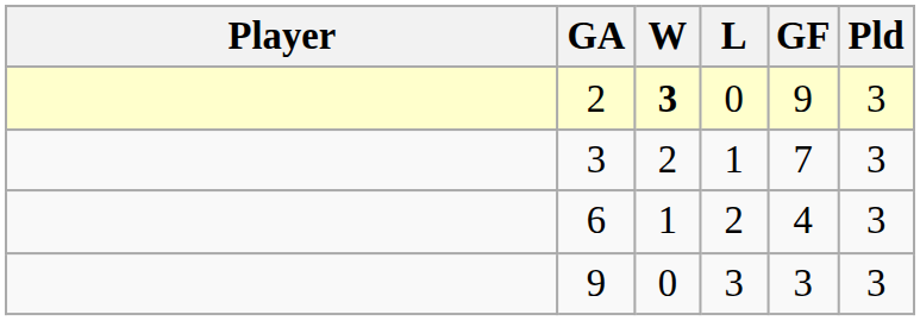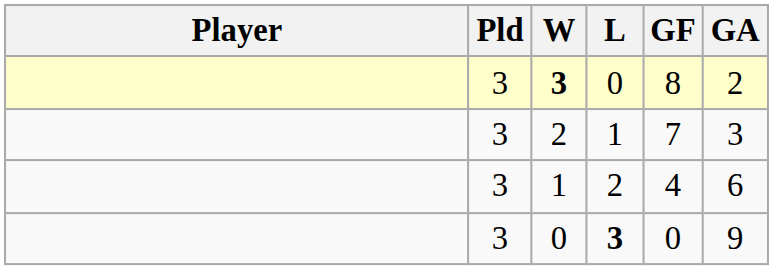 <table class=wikitable style="text-align:center">
 <tr>
 <th width=220>Player</th>
-<th width=20>GA</th>
+<th width=20>Pld</th>
 <th width=20>W</th>
 <th width=20>L</th>
 <th width=20>GF</th>
-<th width=20>Pld</th>
+<th width=20>GA</th>
 </tr>
 <tr bgcolor=#ffffcc>
 <td align=left></td>
-<td>2</td>
+<td>3</td>
 <td><strong>3</strong></td>
 <td>0</td>
-<td>9</td>
-<td>3</td>
+<td>8</td>
+<td>2</td>
 </tr>
 <tr>
 <td align=left></td>
 <td>3</td>
 <td>2</td>
 <td>1</td>
 <td>7</td>
 <td>3</td>
 </tr>
 <tr>
 <td align=left></td>
-<td>6</td>
+<td>3</td>
 <td>1</td>
 <td>2</td>
 <td>4</td>
-<td>3</td>
+<td>6</td>
 </tr>
 <tr>
 <td align=left></td>
+<td>3</td>
+<td>0</td>
+<td><strong>3</strong></td>
+<td>0</td>
 <td>9</td>
-<td>0</td>
-<td>3</td>
-<td>3</td>
-<td>3</td>
 </tr>
 </table>
